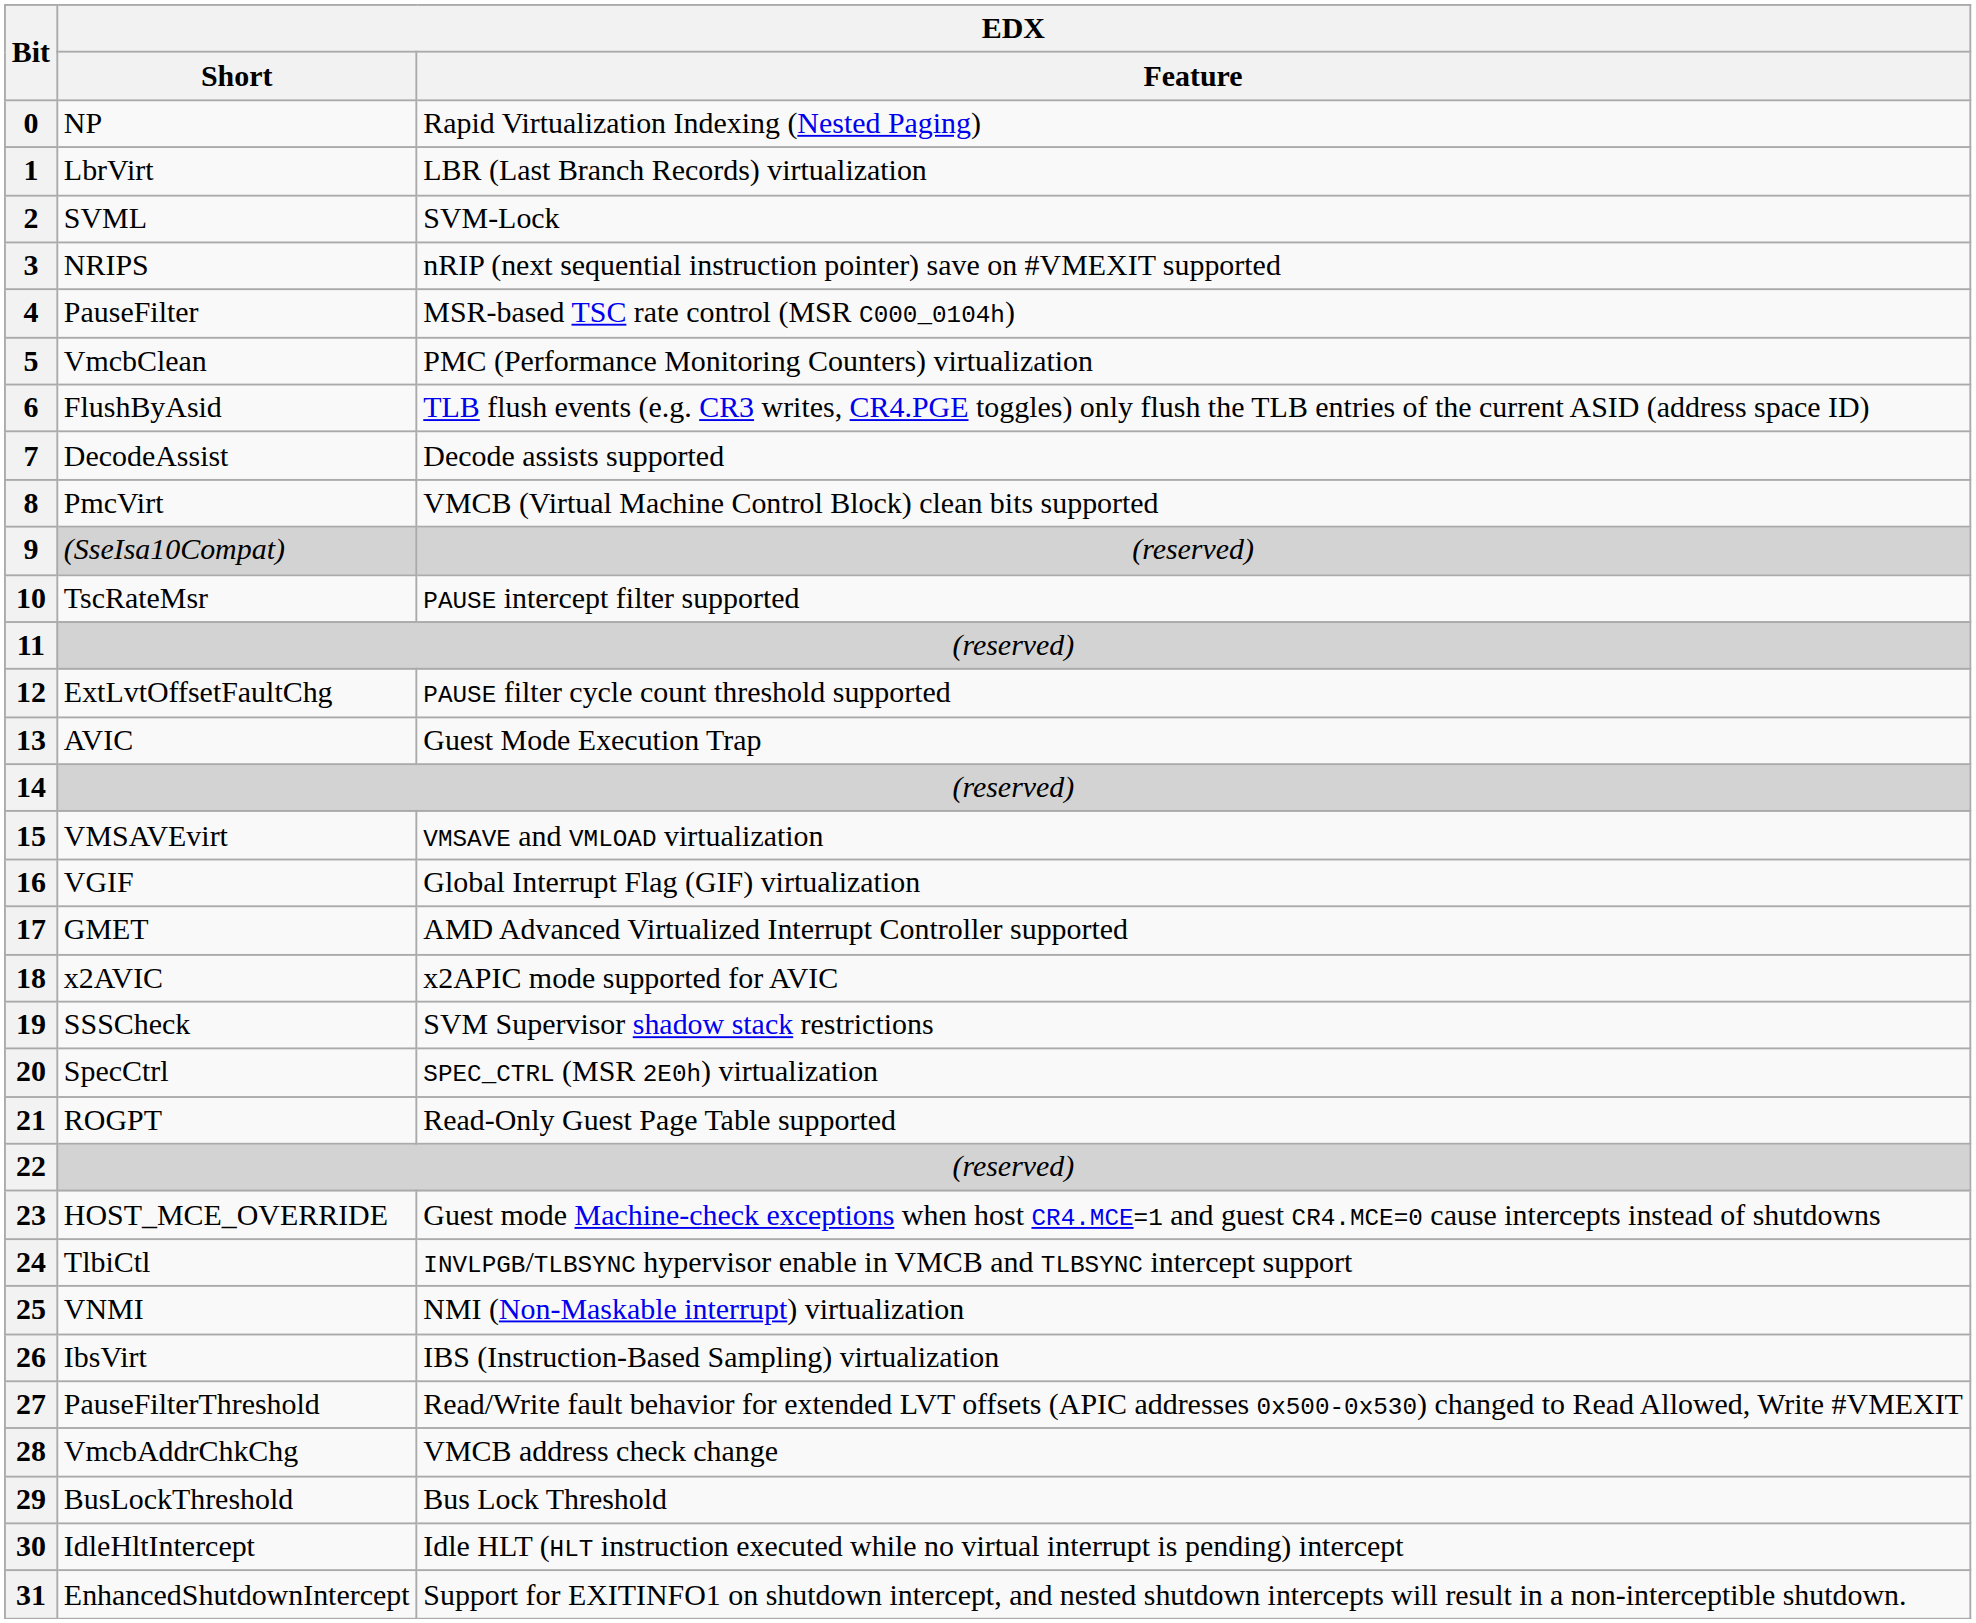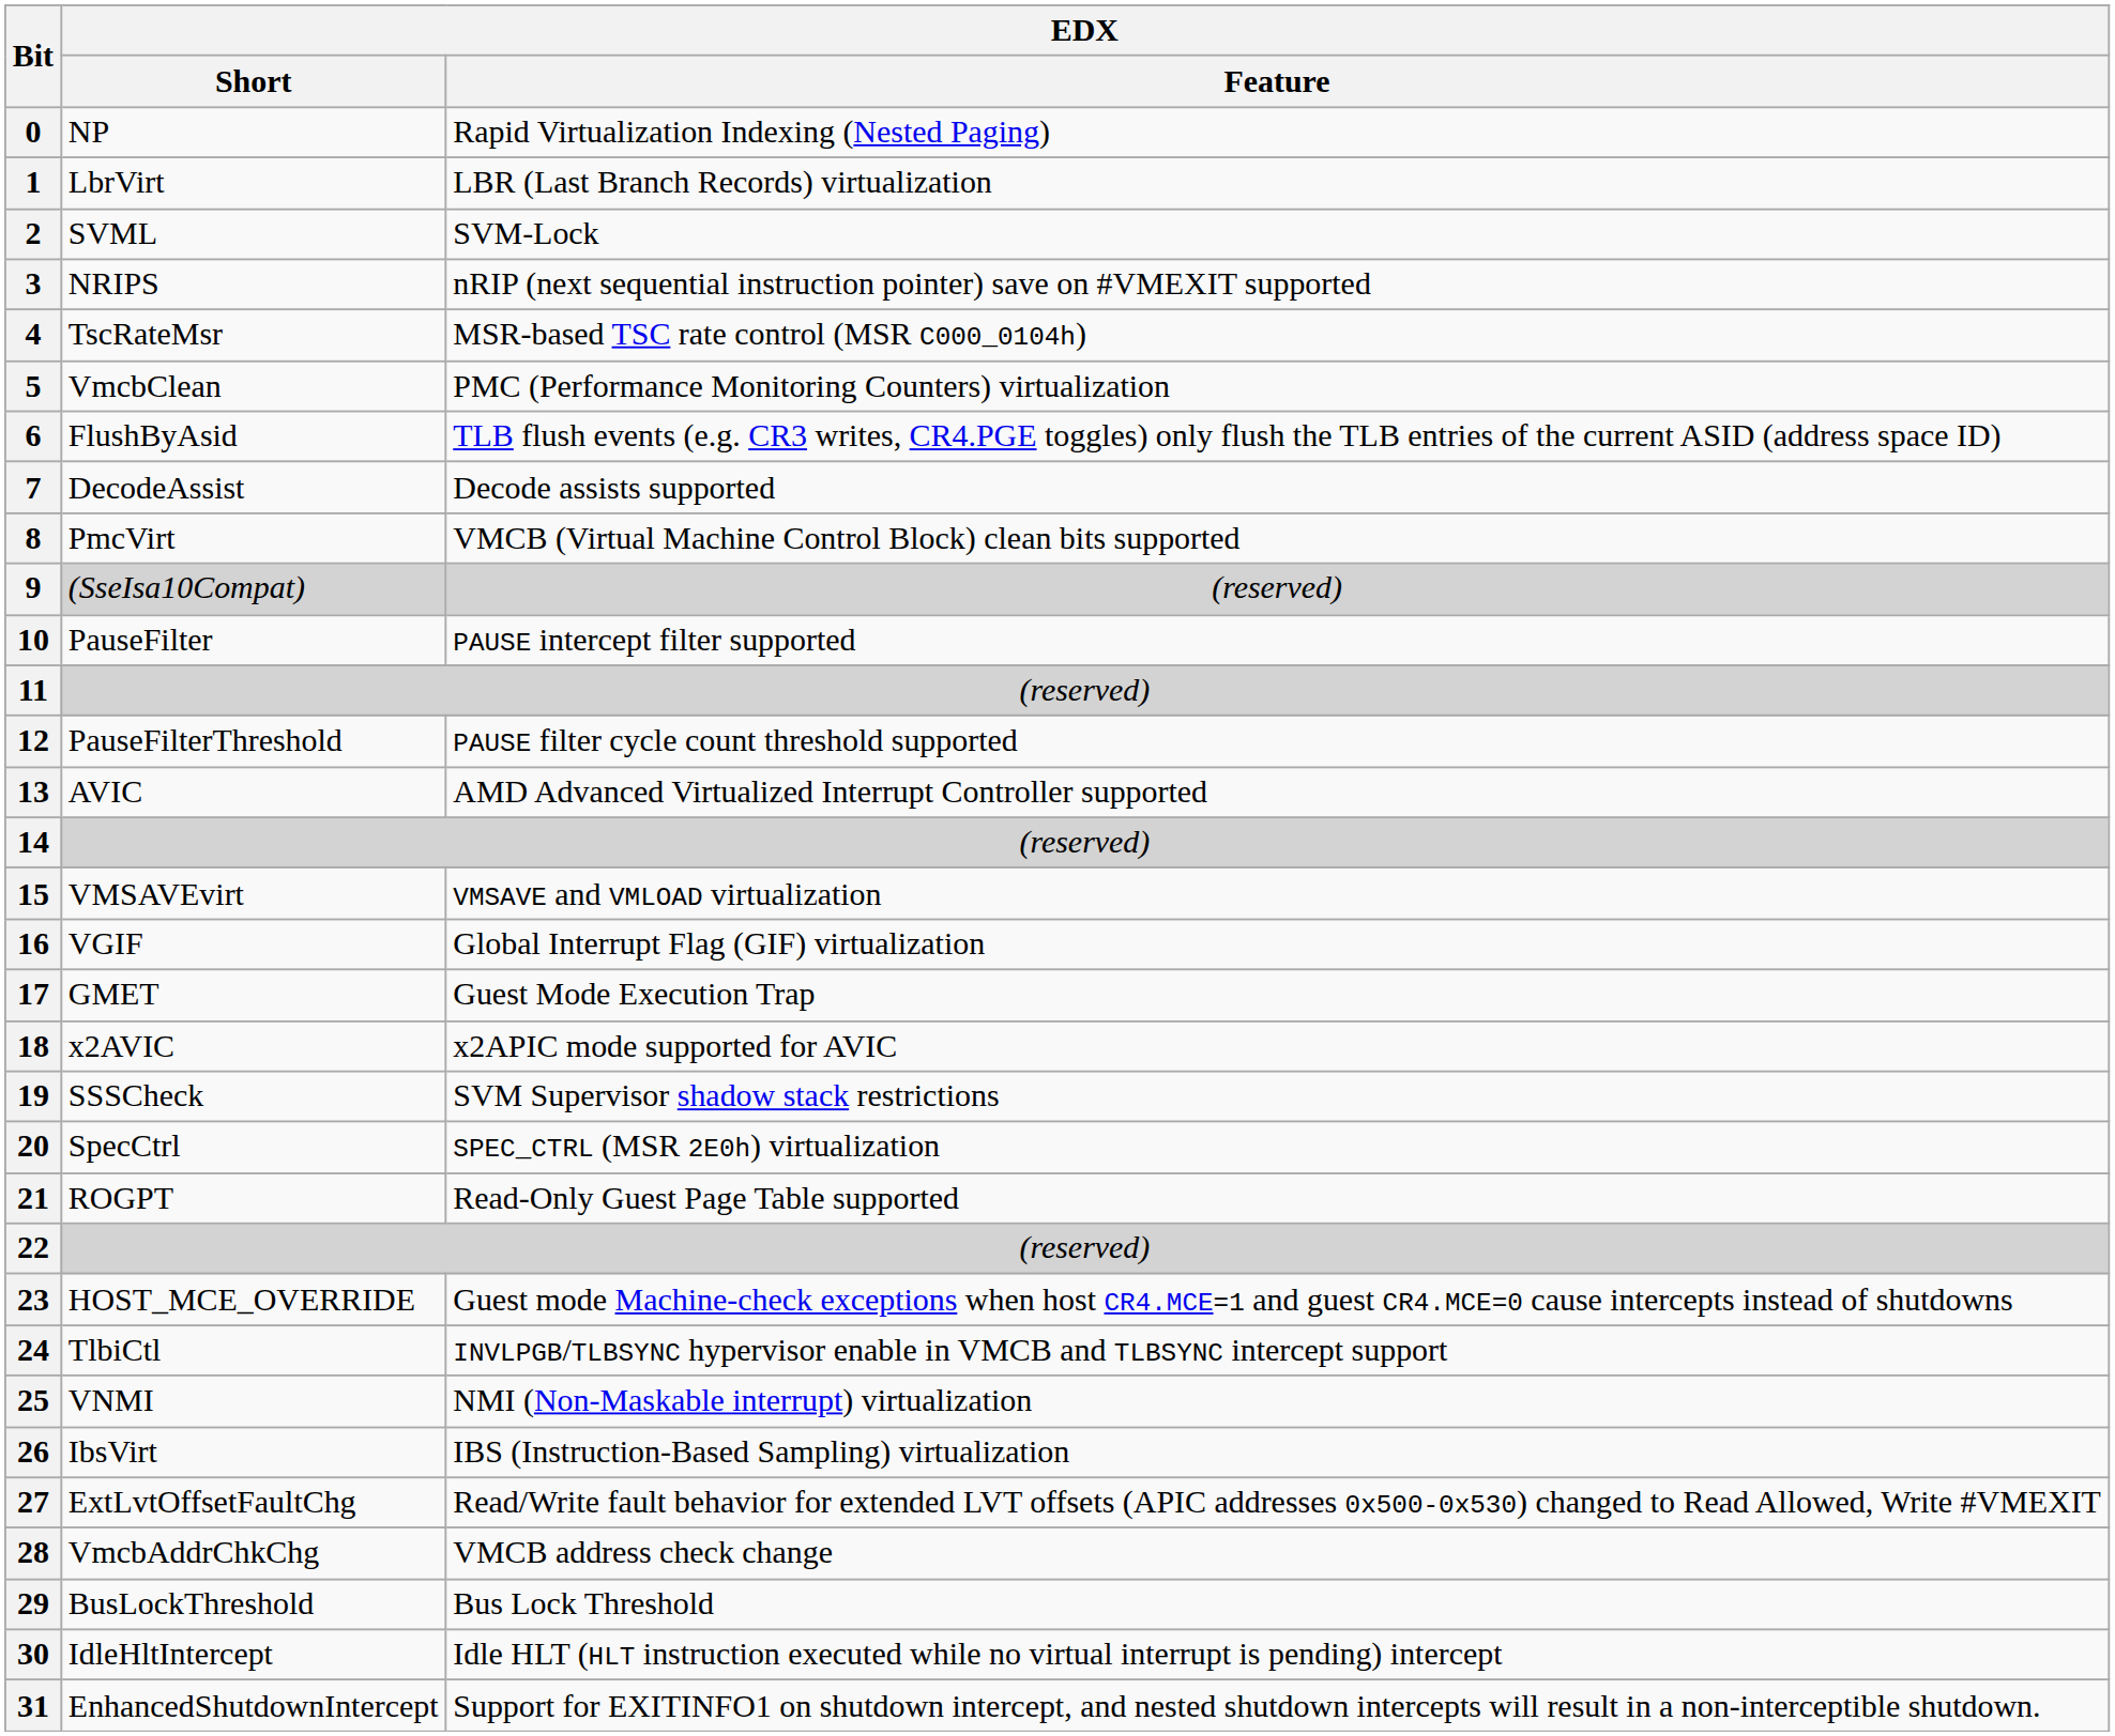 <table class="wikitable">
 <tr>
 <th rowspan=2>Bit</th>
 <th colspan=2>EDX</th>
 </tr>
 <tr>
 <th>Short</th>
 <th>Feature</th>
 </tr>
 <tr>
 <th>0</th>
 <td>NP</td>
 <td>Rapid Virtualization Indexing (<a href='#'>Nested Paging</a>)</td>
 </tr>
 <tr>
 <th>1</th>
 <td>LbrVirt</td>
 <td>LBR (Last Branch Records) virtualization</td>
 </tr>
 <tr>
 <th>2</th>
 <td>SVML</td>
 <td>SVM-Lock</td>
 </tr>
 <tr>
 <th>3</th>
 <td>NRIPS</td>
 <td>nRIP (next sequential instruction pointer) save on #VMEXIT supported</td>
 </tr>
 <tr>
 <th>4</th>
-<td>PauseFilter</td>
+<td>TscRateMsr</td>
 <td>MSR-based <a href='#'>TSC</a> rate control (MSR <code>C000_0104h</code>)</td>
 </tr>
 <tr>
 <th>5</th>
 <td>VmcbClean</td>
 <td>PMC (Performance Monitoring Counters) virtualization</td>
 </tr>
 <tr>
 <th>6</th>
 <td>FlushByAsid</td>
 <td><a href='#'>TLB</a> flush events (e.g. <a href='#'>CR3</a> writes, <a href='#'>CR4.PGE</a> toggles) only flush the TLB entries of the current ASID (address space ID)</td>
 </tr>
 <tr>
 <th>7</th>
 <td>DecodeAssist</td>
 <td>Decode assists supported</td>
 </tr>
 <tr>
 <th>8</th>
 <td>PmcVirt</td>
 <td>VMCB (Virtual Machine Control Block) clean bits supported</td>
 </tr>
 <tr>
 <th>9</th>
 <td style="background:lightgrey;"><em>(SseIsa10Compat)</em></td>
 <td style="text-align:center; background:lightgrey;"><em>(reserved)</em></td>
 </tr>
 <tr>
 <th>10</th>
-<td>TscRateMsr</td>
+<td>PauseFilter</td>
 <td><code>PAUSE</code> intercept filter supported</td>
 </tr>
 <tr>
 <th>11</th>
 <td colspan="2" style="text-align:center; background:lightgrey;"><em>(reserved)</em></td>
 </tr>
 <tr>
 <th>12</th>
-<td>ExtLvtOffset­FaultChg</td>
+<td>PauseFilter­Threshold</td>
 <td><code>PAUSE</code> filter cycle count threshold supported</td>
 </tr>
 <tr>
 <th>13</th>
 <td>AVIC</td>
-<td>Guest Mode Execution Trap</td>
+<td>AMD Advanced Virtualized Interrupt Controller supported</td>
 </tr>
 <tr>
 <th>14</th>
 <td colspan="2" style="text-align:center; background:lightgrey;"><em>(reserved)</em></td>
 </tr>
 <tr>
 <th>15</th>
 <td>VMSAVEvirt</td>
 <td><code>VMSAVE</code> and <code>VMLOAD</code> virtualization</td>
 </tr>
 <tr>
 <th>16</th>
 <td>VGIF</td>
 <td>Global Interrupt Flag (GIF) virtualization</td>
 </tr>
 <tr>
 <th>17</th>
 <td>GMET</td>
-<td>AMD Advanced Virtualized Interrupt Controller supported</td>
+<td>Guest Mode Execution Trap</td>
 </tr>
 <tr>
 <th>18</th>
 <td>x2AVIC</td>
 <td>x2APIC mode supported for AVIC</td>
 </tr>
 <tr>
 <th>19</th>
 <td>SSSCheck</td>
 <td>SVM Supervisor <a href='#'>shadow stack</a> restrictions</td>
 </tr>
 <tr>
 <th>20</th>
 <td>SpecCtrl</td>
 <td><code>SPEC_CTRL</code> (MSR <code>2E0h</code>) virtualization</td>
 </tr>
 <tr>
 <th>21</th>
 <td>ROGPT</td>
 <td>Read-Only Guest Page Table supported</td>
 </tr>
 <tr>
 <th>22</th>
 <td colspan="2" style="text-align:center; background:lightgrey;"><em>(reserved)</em></td>
 </tr>
 <tr>
 <th>23</th>
 <td>HOST_MCE_­OVERRIDE</td>
 <td>Guest mode <a href='#'>Machine-check exceptions</a> when host <code><a href='#'>CR4.MCE</a>=1</code> and guest <code>CR4.MCE=0</code> cause intercepts instead of shutdowns</td>
 </tr>
 <tr>
 <th>24</th>
 <td>TlbiCtl</td>
 <td><code>INVLPGB</code>/<code>TLBSYNC</code> hypervisor enable in VMCB and <code>TLBSYNC</code> intercept support</td>
 </tr>
 <tr>
 <th>25</th>
 <td>VNMI</td>
 <td>NMI (<a href='#'>Non-Maskable interrupt</a>) virtualization</td>
 </tr>
 <tr>
 <th>26</th>
 <td>IbsVirt</td>
 <td>IBS (Instruction-Based Sampling) virtualization</td>
 </tr>
 <tr>
 <th>27</th>
-<td>PauseFilter­Threshold</td>
+<td>ExtLvtOffset­FaultChg</td>
 <td>Read/Write fault behavior for extended LVT offsets (APIC addresses <code>0x500-0x530</code>) changed to Read Allowed, Write #VMEXIT</td>
 </tr>
 <tr>
 <th>28</th>
 <td>VmcbAddr­ChkChg</td>
 <td>VMCB address check change</td>
 </tr>
 <tr>
 <th>29</th>
 <td>BusLock­Threshold</td>
 <td>Bus Lock Threshold</td>
 </tr>
 <tr>
 <th>30</th>
 <td>IdleHlt­Intercept</td>
 <td>Idle HLT (<code>HLT</code> instruction executed while no virtual interrupt is pending) intercept</td>
 </tr>
 <tr>
 <th>31</th>
 <td>Enhanced­Shutdown­Intercept</td>
 <td>Support for EXITINFO1 on shutdown intercept, and nested shutdown intercepts will result in a non-interceptible shutdown.</td>
 </tr>
 </table>
